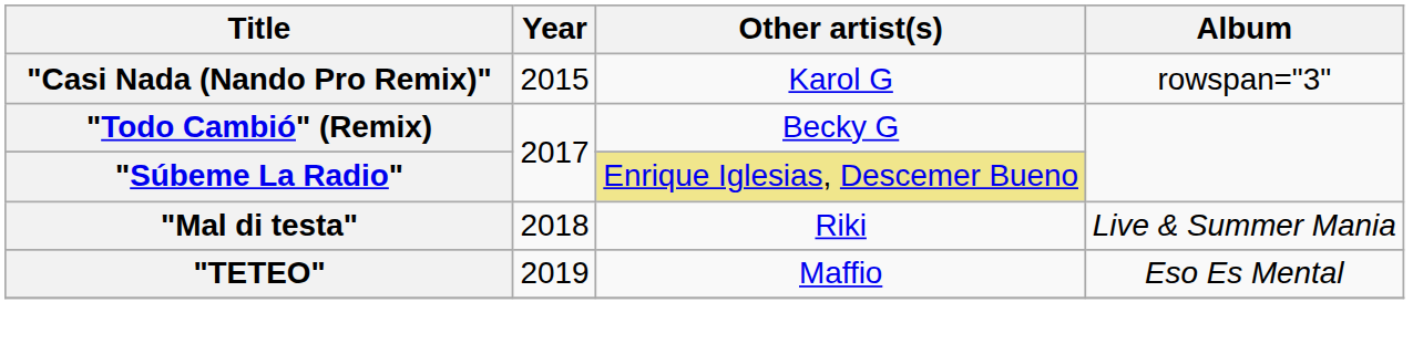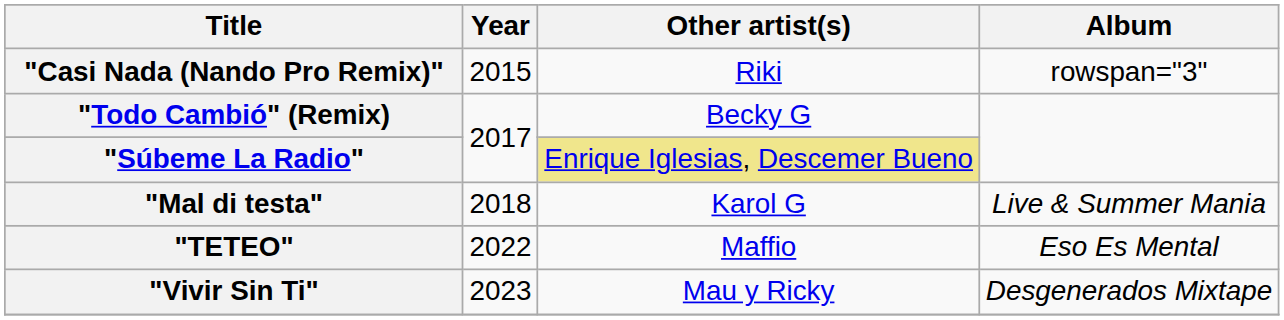 <table class="wikitable plainrowheaders" style="text-align:center;">
 <tr>
 <th scope="col" style="width:16em;">Title</th>
 <th scope="col">Year</th>
 <th scope="col">Other artist(s)</th>
 <th scope="col">Album</th>
 </tr>
 <tr>
 <th scope="row">"Casi Nada (Nando Pro Remix)"</th>
 <td>2015</td>
-<td><a href='#'>Karol G</a></td>
+<td><a href='#'>Riki</a></td>
 <td>rowspan="3" </td>
 </tr>
 <tr>
 <th scope="row">"<a href='#'>Todo Cambió</a>" (Remix)</th>
 <td rowspan="2">2017</td>
 <td><a href='#'>Becky G</a></td>
 </tr>
 <tr>
 <th scope="row">"<a href='#'>Súbeme La Radio</a>" </th>
 <td style="background: khaki;"><a href='#'>Enrique Iglesias</a>, <a href='#'>Descemer Bueno</a></td>
 </tr>
 <tr>
 <th scope="row">"Mal di testa"</th>
 <td>2018</td>
-<td><a href='#'>Riki</a></td>
+<td><a href='#'>Karol G</a></td>
 <td><em>Live & Summer Mania</em></td>
 </tr>
 <tr>
 <th scope="row">"TETEO"</th>
-<td>2019</td>
+<td>2022</td>
 <td><a href='#'>Maffio</a></td>
 <td><em>Eso Es Mental</em></td>
 </tr>
 <tr>
+<th scope="row">"Vivir Sin Ti"</th>
+<td>2023</td>
+<td><a href='#'>Mau y Ricky</a></td>
+<td><em>Desgenerados Mixtape</em></td>
+</tr>
+<tr>
 </tr>
 </table>
